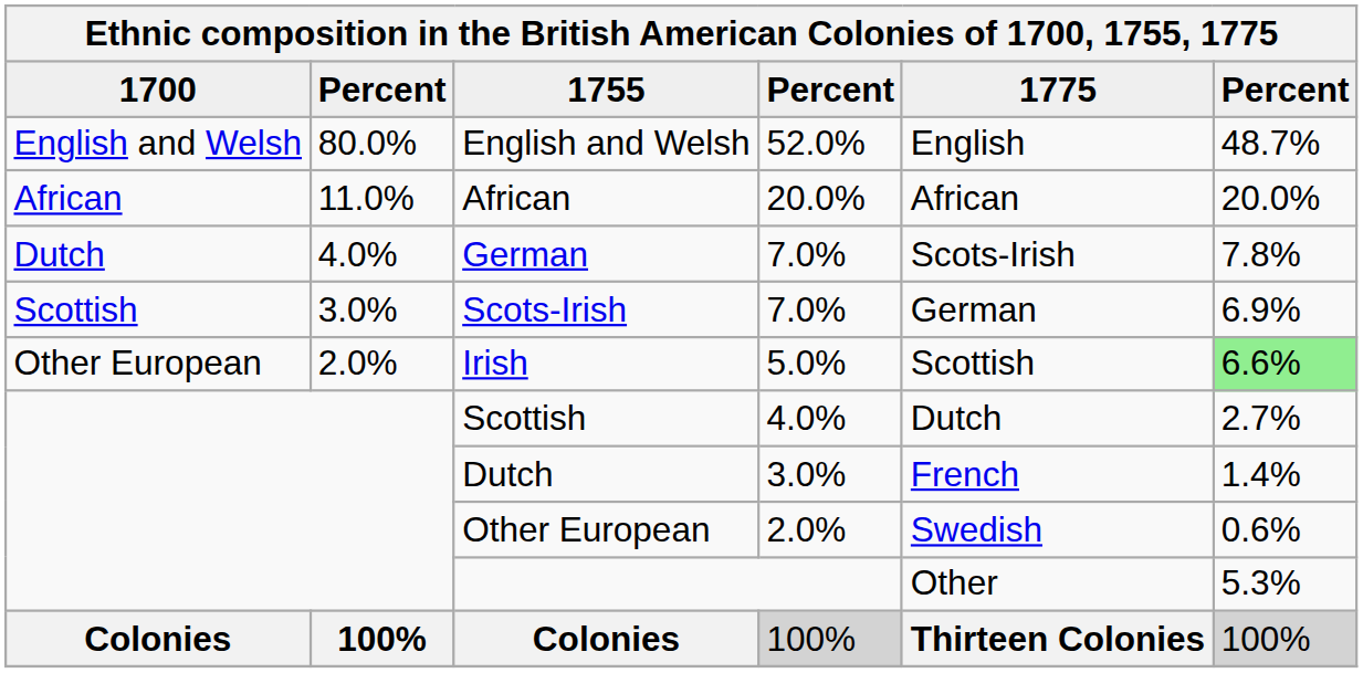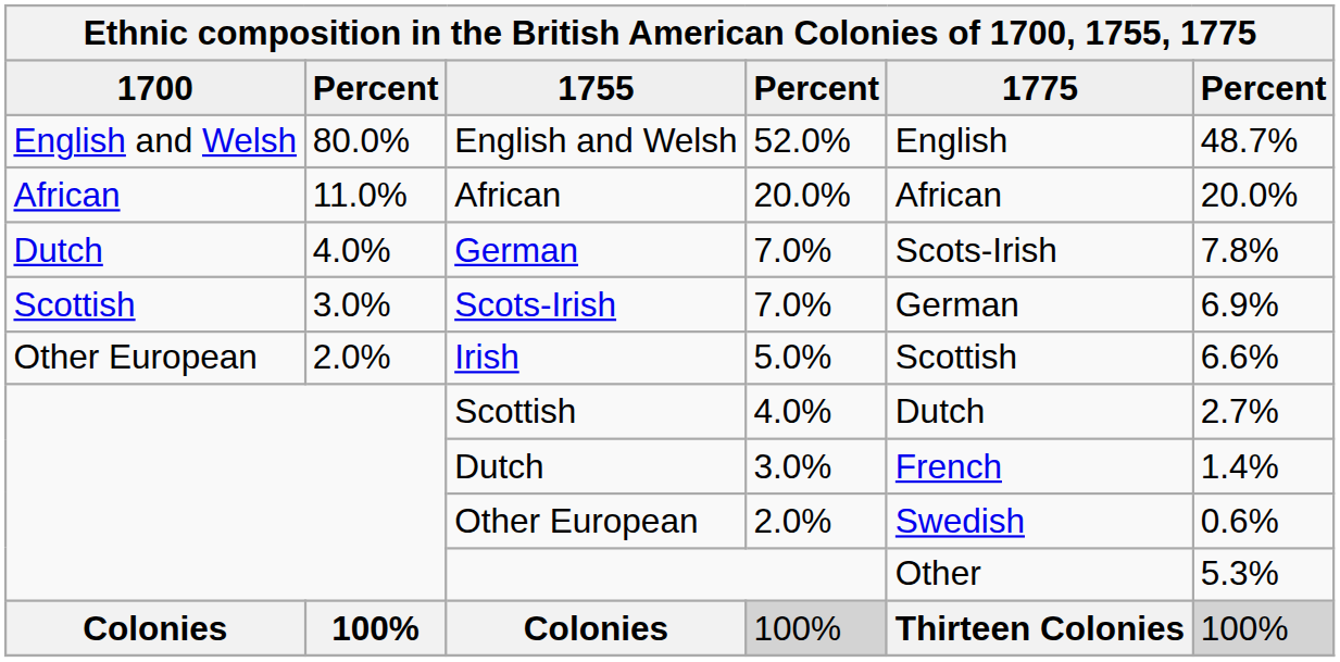 <table class="sort wikitable sortable" style="font-size: 90%">
 <tr>
 <th colspan=6>Ethnic composition in the British American Colonies of 1700, 1755, 1775</th>
 </tr>
 <tr>
 <th style="background:#efefef">1700</th>
 <th style="background:#efefef">Percent</th>
 <th style="background:#efefef">1755</th>
 <th style="background:#efefef">Percent</th>
 <th style="background:#efefef">1775</th>
 <th style="background:#efefef">Percent</th>
 </tr>
 <tr>
 <td><a href='#'>English</a> and <a href='#'>Welsh</a></td>
 <td>80.0%</td>
 <td>English and Welsh</td>
 <td>52.0%</td>
 <td>English</td>
 <td>48.7%</td>
 </tr>
 <tr>
 <td><a href='#'>African</a></td>
 <td>11.0%</td>
 <td>African</td>
 <td>20.0%</td>
 <td>African</td>
 <td>20.0%</td>
 </tr>
 <tr>
 <td><a href='#'>Dutch</a></td>
 <td>4.0%</td>
 <td><a href='#'>German</a></td>
 <td>7.0%</td>
 <td>Scots-Irish</td>
 <td>7.8%</td>
 </tr>
 <tr>
 <td><a href='#'>Scottish</a></td>
 <td>3.0%</td>
 <td><a href='#'>Scots-Irish</a></td>
 <td>7.0%</td>
 <td>German</td>
 <td>6.9%</td>
 </tr>
 <tr>
 <td>Other European</td>
 <td>2.0%</td>
 <td><a href='#'>Irish</a></td>
 <td>5.0%</td>
 <td>Scottish</td>
-<td style="background: lightgreen;">6.6%</td>
+<td>6.6%</td>
 </tr>
 <tr>
 <td colspan="2" rowspan="4"></td>
 <td>Scottish</td>
 <td>4.0%</td>
 <td>Dutch</td>
 <td>2.7%</td>
 </tr>
 <tr>
 <td>Dutch</td>
 <td>3.0%</td>
 <td><a href='#'>French</a></td>
 <td>1.4%</td>
 </tr>
 <tr>
 <td>Other European</td>
 <td>2.0%</td>
 <td><a href='#'>Swedish</a></td>
 <td>0.6%</td>
 </tr>
 <tr>
 <td colspan="2"></td>
 <td>Other</td>
 <td>5.3%</td>
 </tr>
 <tr class="sortbottom" bgcolor="lightgrey">
 <th>Colonies</th>
 <th>100%</th>
 <th>Colonies</th>
 <td>100%</td>
 <th>Thirteen Colonies</th>
 <td>100%</td>
 </tr>
 <tr>
 </tr>
 </table>
